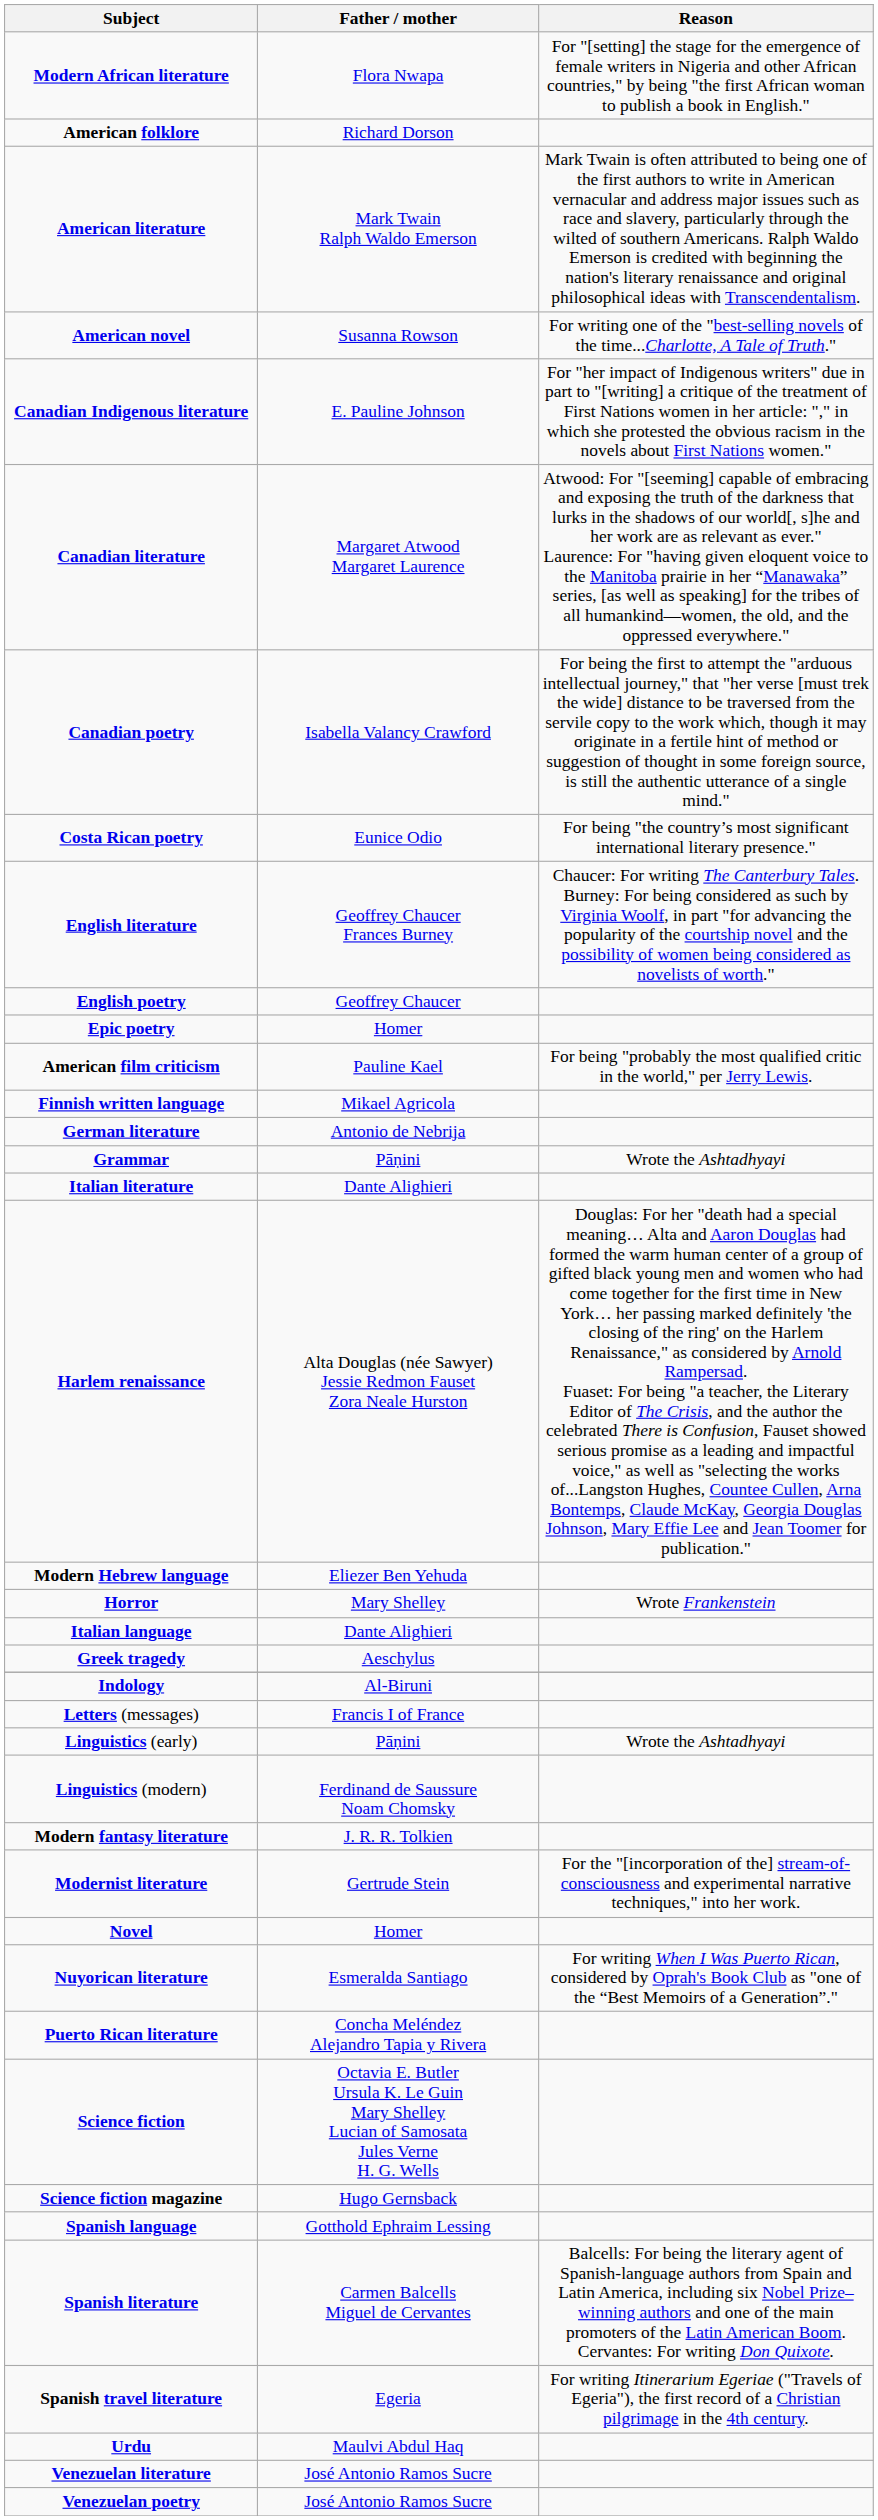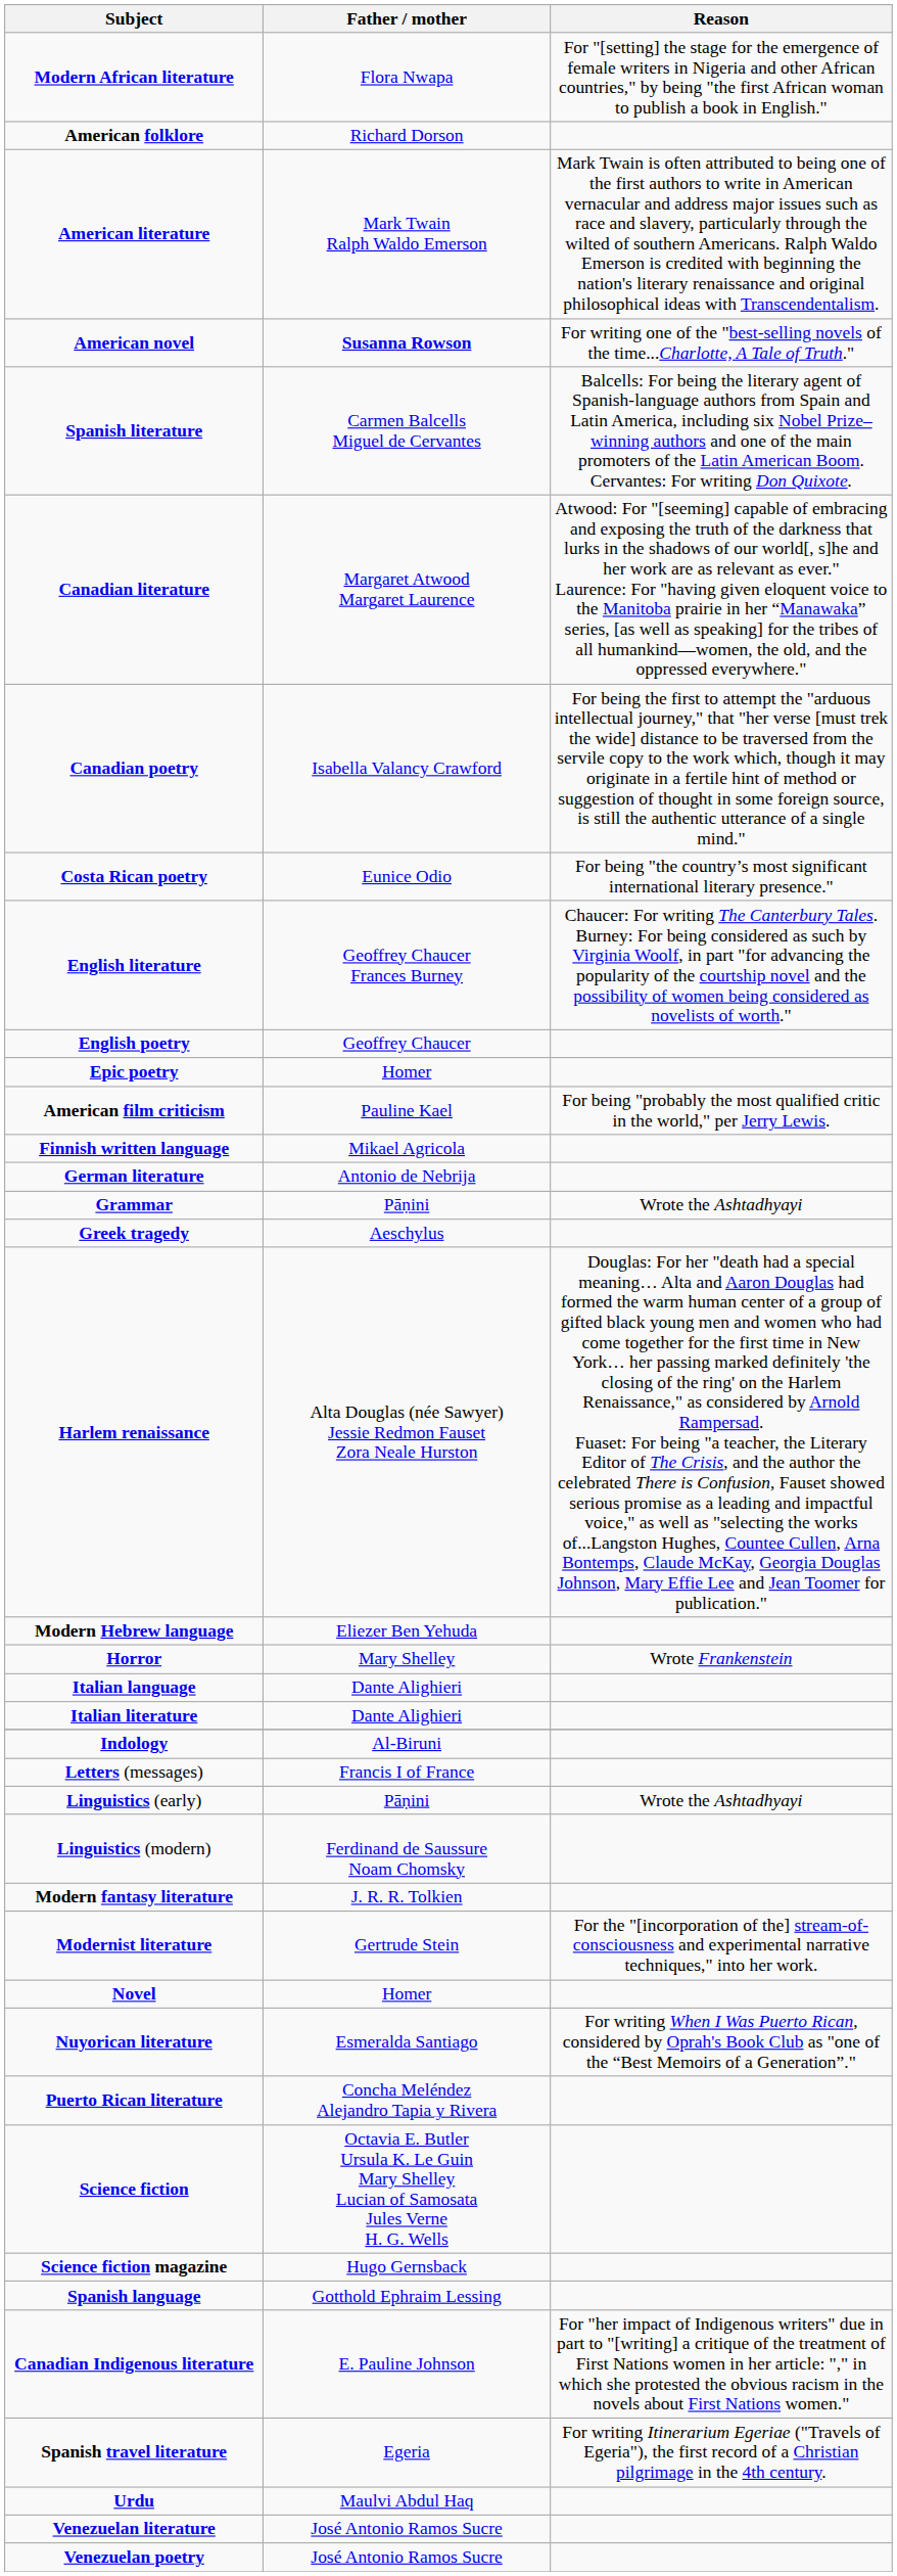 <table class="wikitable" style="text-align:center;">
 <tr>
 <th width="225px">Subject</th>
 <th width="250px">Father / mother</th>
 <th width="300px">Reason</th>
 </tr>
 <tr>
 <td><a href='#'><strong>Modern African literature</strong></a></td>
 <td><a href='#'>Flora Nwapa</a></td>
 <td>For "[setting] the stage for the emergence of female writers in Nigeria and other African countries," by being "the first African woman to publish a book in English."</td>
 </tr>
 <tr>
 <td><strong>American <a href='#'>folklore</a></strong></td>
 <td><a href='#'>Richard Dorson</a></td>
 <td></td>
 </tr>
 <tr>
 <td><strong><a href='#'>American literature</a></strong></td>
 <td><a href='#'>Mark Twain</a><br><a href='#'>Ralph Waldo Emerson</a></td>
 <td>Mark Twain is often attributed to being one of the first authors to write in American vernacular and address major issues such as race and slavery, particularly through the wilted of southern Americans. Ralph Waldo Emerson is credited with beginning the nation's literary renaissance and original philosophical ideas with <a href='#'>Transcendentalism</a>.</td>
 </tr>
 <tr>
 <td><strong><a href='#'>American novel</a></strong></td>
-<td><a href='#'>Susanna Rowson</a></td>
+<td><strong><a href='#'>Susanna Rowson</a></strong></td>
 <td>For writing one of the "<a href='#'>best-selling novels</a> of the time...<em><a href='#'>Charlotte, A Tale of Truth</a></em>."</td>
 </tr>
 <tr>
-<td><strong><a href='#'>Canadian Indigenous literature</a></strong></td>
-<td><a href='#'>E. Pauline Johnson</a></td>
-<td>For "her impact of Indigenous writers" due in part to "[writing] a critique of the treatment of First Nations women in her article: "," in which she protested the obvious racism in the novels about <a href='#'>First Nations</a> women."</td>
+<td><strong><a href='#'>Spanish literature</a></strong></td>
+<td><a href='#'>Carmen Balcells</a><br><a href='#'>Miguel de Cervantes</a></td>
+<td>Balcells: For being the literary agent of Spanish-language authors from Spain and Latin America, including six <a href='#'>Nobel Prize–winning authors</a> and one of the main promoters of the <a href='#'>Latin American Boom</a>.<br>Cervantes: For writing <em><a href='#'>Don Quixote</a>.</em></td>
 </tr>
 <tr>
 <td><strong><a href='#'>Canadian literature</a></strong></td>
 <td><a href='#'>Margaret Atwood</a><br><a href='#'>Margaret Laurence</a></td>
 <td>Atwood: For "[seeming] capable of embracing and exposing the truth of the darkness that lurks in the shadows of our world[, s]he and her work are as relevant as ever."<br>Laurence: For "having given eloquent voice to the <a href='#'>Manitoba</a> prairie in her “<a href='#'>Manawaka</a>” series, [as well as speaking] for the tribes of all humankind—women, the old, and the oppressed everywhere."</td>
 </tr>
 <tr>
 <td><strong><a href='#'>Canadian poetry</a></strong></td>
 <td><a href='#'>Isabella Valancy Crawford</a></td>
 <td>For being the first to attempt the "arduous intellectual journey," that "her verse [must trek the wide] distance to be traversed from the servile copy to the work which, though it may originate in a fertile hint of method or suggestion of thought in some foreign source, is still the authentic utterance of a single mind."</td>
 </tr>
 <tr>
 <td><a href='#'><strong>Costa Rican poetry</strong></a></td>
 <td><a href='#'>Eunice Odio</a></td>
 <td>For being "the country’s most significant international literary presence."</td>
 </tr>
 <tr>
 <td><strong><a href='#'>English literature</a></strong></td>
 <td><a href='#'>Geoffrey Chaucer</a><br><a href='#'>Frances Burney</a></td>
 <td>Chaucer: For writing <em><a href='#'>The Canterbury Tales</a></em>.<br>Burney: For being considered as such by <a href='#'>Virginia Woolf</a>, in part "for advancing the popularity of the <a href='#'>courtship novel</a> and the <a href='#'>possibility of women being considered as novelists of worth</a>."</td>
 </tr>
 <tr>
 <td><strong><a href='#'>English poetry</a></strong></td>
 <td><a href='#'>Geoffrey Chaucer</a></td>
 <td></td>
 </tr>
 <tr>
 <td><strong><a href='#'>Epic poetry</a></strong></td>
 <td><a href='#'>Homer</a></td>
 <td></td>
 </tr>
 <tr>
 <td><strong>American <a href='#'>film criticism</a></strong></td>
 <td><a href='#'>Pauline Kael</a></td>
 <td>For being "probably the most qualified critic in the world," per <a href='#'>Jerry Lewis</a>.</td>
 </tr>
 <tr>
 <td><strong><a href='#'>Finnish written language</a></strong></td>
 <td><a href='#'>Mikael Agricola</a></td>
 <td></td>
 </tr>
 <tr>
 <td><strong><a href='#'>German literature</a></strong></td>
 <td><a href='#'>Antonio de Nebrija</a></td>
 <td></td>
 </tr>
 <tr>
 <td><strong><a href='#'>Grammar</a></strong></td>
 <td><a href='#'>Pāṇini</a></td>
 <td>Wrote the <em>Ashtadhyayi</em></td>
 </tr>
 <tr>
-<td><strong><a href='#'>Italian literature</a></strong></td>
-<td><a href='#'>Dante Alighieri</a></td>
+<td><strong><a href='#'>Greek tragedy</a></strong></td>
+<td><a href='#'>Aeschylus</a></td>
 <td></td>
 </tr>
 <tr>
 <td><strong><a href='#'>Harlem renaissance</a></strong></td>
 <td>Alta Douglas (née Sawyer)<br><a href='#'>Jessie Redmon Fauset</a><br><a href='#'>Zora Neale Hurston</a></td>
 <td>Douglas: For her "death had a special meaning… Alta and <a href='#'>Aaron Douglas</a> had formed the warm human center of a group of gifted black young men and women who had come together for the first time in New York… her passing marked definitely 'the closing of the ring' on the Harlem Renaissance," as considered by <a href='#'>Arnold Rampersad</a>.<br>Fuaset: For being "a teacher, the Literary Editor of <em><a href='#'>The Crisis</a></em>, and the author the celebrated <em>There is Confusion</em>, Fauset showed serious promise as a leading and impactful voice," as well as "selecting the works of...Langston Hughes, <a href='#'>Countee Cullen</a>, <a href='#'>Arna Bontemps</a>, <a href='#'>Claude McKay</a>, <a href='#'>Georgia Douglas Johnson</a>, <a href='#'>Mary Effie Lee</a> and <a href='#'>Jean Toomer</a> for publication."</td>
 </tr>
 <tr>
 <td><strong>Modern <a href='#'>Hebrew language</a></strong></td>
 <td><a href='#'>Eliezer Ben Yehuda</a></td>
 <td></td>
 </tr>
 <tr>
 <td><a href='#'><strong>Horror</strong></a></td>
 <td><a href='#'>Mary Shelley</a></td>
 <td>Wrote <em><a href='#'>Frankenstein</a></em></td>
 </tr>
 <tr>
 <td><strong><a href='#'>Italian language</a></strong></td>
 <td><a href='#'>Dante Alighieri</a></td>
 <td></td>
 </tr>
 <tr>
-<td><strong><a href='#'>Greek tragedy</a></strong></td>
-<td><a href='#'>Aeschylus</a></td>
+<td><strong><a href='#'>Italian literature</a></strong></td>
+<td><a href='#'>Dante Alighieri</a></td>
 <td></td>
 </tr>
 <tr>
 </tr>
 <tr>
 <td><strong><a href='#'>Indology</a></strong></td>
 <td><a href='#'>Al-Biruni</a></td>
 <td></td>
 </tr>
 <tr>
 <td><strong><a href='#'>Letters</a></strong> (messages)</td>
 <td><a href='#'>Francis I of France</a></td>
 <td></td>
 </tr>
 <tr>
 <td><strong><a href='#'>Linguistics</a></strong> (early)</td>
 <td><a href='#'>Pāṇini</a></td>
 <td>Wrote the <em>Ashtadhyayi</em></td>
 </tr>
 <tr>
 <td><strong><a href='#'>Linguistics</a></strong> (modern)</td>
 <td><br><a href='#'>Ferdinand de Saussure</a> <br><a href='#'>Noam Chomsky</a></td>
 <td></td>
 </tr>
 <tr>
 <td><strong>Modern <a href='#'>fantasy literature</a></strong></td>
 <td><a href='#'>J. R. R. Tolkien</a></td>
 <td></td>
 </tr>
 <tr>
 <td><a href='#'><strong>Modernist literature</strong></a></td>
 <td><a href='#'>Gertrude Stein</a></td>
 <td>For the "[incorporation of the] <a href='#'>stream-of-consciousness</a> and experimental narrative techniques," into her work.</td>
 </tr>
 <tr>
 <td><strong><a href='#'>Novel</a></strong></td>
 <td><a href='#'>Homer</a></td>
 <td></td>
 </tr>
 <tr>
 <td><strong><a href='#'>Nuyorican literature</a></strong></td>
 <td><a href='#'>Esmeralda Santiago</a></td>
 <td>For writing <em><a href='#'>When I Was Puerto Rican</a></em>, considered by <a href='#'>Oprah's Book Club</a> as "one of the “Best Memoirs of a Generation”."</td>
 </tr>
 <tr>
 <td><strong><a href='#'>Puerto Rican literature</a></strong></td>
 <td><a href='#'>Concha Meléndez</a><br><a href='#'>Alejandro Tapia y Rivera</a></td>
 <td></td>
 </tr>
 <tr>
 <td><strong><a href='#'>Science fiction</a></strong></td>
 <td><a href='#'>Octavia E. Butler</a><br><a href='#'>Ursula K. Le Guin</a><br><a href='#'>Mary Shelley</a><br><a href='#'>Lucian of Samosata</a><br><a href='#'>Jules Verne</a><br><a href='#'>H. G. Wells</a></td>
 <td></td>
 </tr>
 <tr>
 <td><strong><a href='#'>Science fiction</a> magazine</strong></td>
 <td><a href='#'>Hugo Gernsback</a></td>
 <td></td>
 </tr>
 <tr>
 <td><strong><a href='#'>Spanish language</a></strong></td>
 <td><a href='#'>Gotthold Ephraim Lessing</a></td>
 <td></td>
 </tr>
 <tr>
-<td><strong><a href='#'>Spanish literature</a></strong></td>
-<td><a href='#'>Carmen Balcells</a><br><a href='#'>Miguel de Cervantes</a></td>
-<td>Balcells: For being the literary agent of Spanish-language authors from Spain and Latin America, including six <a href='#'>Nobel Prize–winning authors</a> and one of the main promoters of the <a href='#'>Latin American Boom</a>.<br>Cervantes: For writing <em><a href='#'>Don Quixote</a>.</em></td>
+<td><strong><a href='#'>Canadian Indigenous literature</a></strong></td>
+<td><a href='#'>E. Pauline Johnson</a></td>
+<td>For "her impact of Indigenous writers" due in part to "[writing] a critique of the treatment of First Nations women in her article: "," in which she protested the obvious racism in the novels about <a href='#'>First Nations</a> women."</td>
 </tr>
 <tr>
 <td><strong>Spanish <a href='#'>travel literature</a></strong></td>
 <td><a href='#'>Egeria</a></td>
 <td>For writing <em>Itinerarium Egeriae</em> ("Travels of Egeria"), the first record of a <a href='#'>Christian pilgrimage</a> in the <a href='#'>4th century</a>.</td>
 </tr>
 <tr>
 <td><strong><a href='#'>Urdu</a></strong></td>
 <td><a href='#'>Maulvi Abdul Haq</a></td>
 <td></td>
 </tr>
 <tr>
 <td><strong><a href='#'>Venezuelan literature</a></strong></td>
 <td><a href='#'>José Antonio Ramos Sucre</a></td>
 <td></td>
 </tr>
 <tr>
 <td><strong><a href='#'>Venezuelan poetry</a></strong></td>
 <td><a href='#'>José Antonio Ramos Sucre</a></td>
 <td></td>
 </tr>
 </table>
